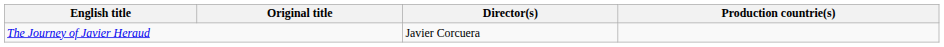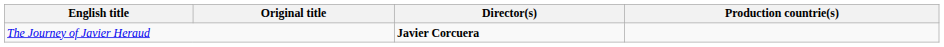 <table class="sortable wikitable" style="width:100%; margin-bottom:4px" cellpadding="5">
 <tr>
 <th scope="col">English title</th>
 <th scope="col">Original title</th>
 <th scope="col">Director(s)</th>
 <th scope="col">Production countrie(s)</th>
 </tr>
 <tr>
 <td colspan = "2"><em><a href='#'>The Journey of Javier Heraud</a></em></td>
-<td>Javier Corcuera</td>
+<td><strong>Javier Corcuera</strong></td>
 <td></td>
 </tr>
 </table>
